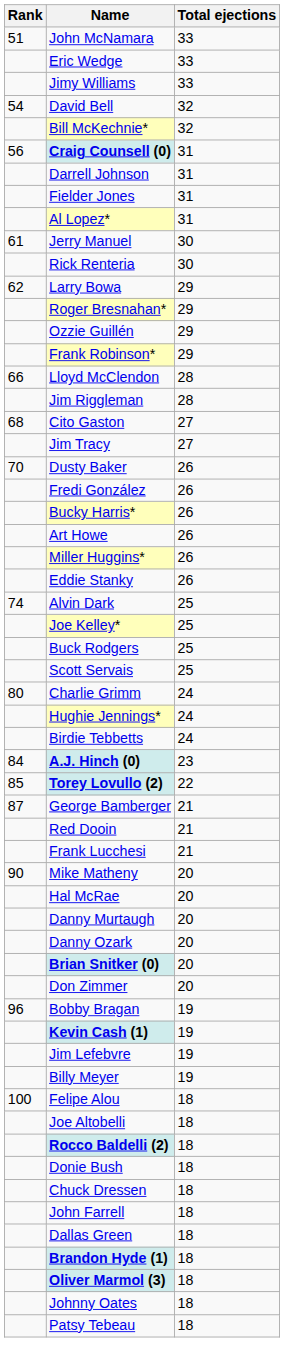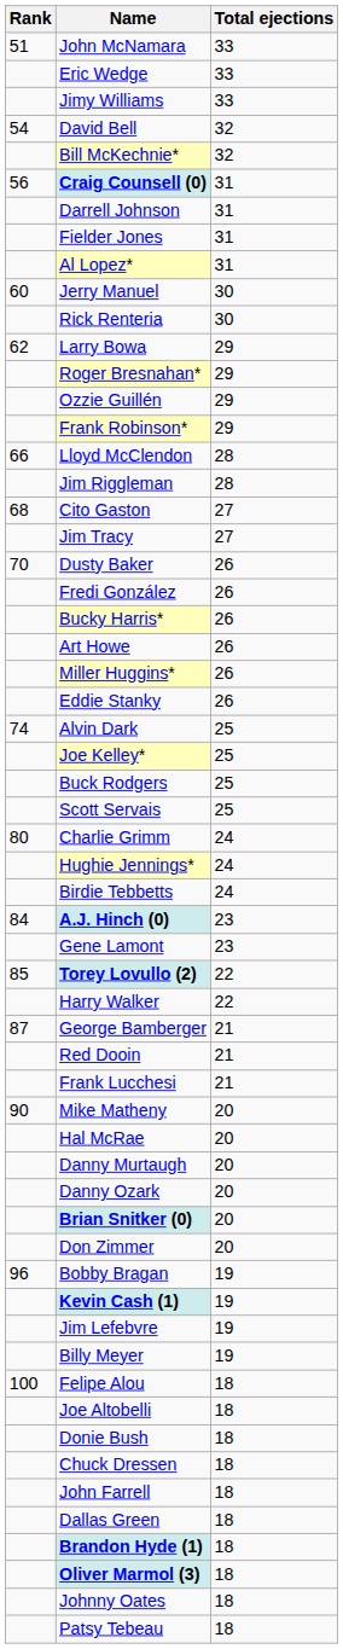 <table class="wikitable" style="float:left;">
 <tr style="white-space: nowrap;">
 <th>Rank</th>
 <th>Name</th>
 <th>Total ejections</th>
 </tr>
 <tr>
 <td>51</td>
 <td><a href='#'>John McNamara</a></td>
 <td>33</td>
 </tr>
 <tr>
 <td></td>
 <td><a href='#'>Eric Wedge</a></td>
 <td>33</td>
 </tr>
 <tr>
 <td></td>
 <td><a href='#'>Jimy Williams</a></td>
 <td>33</td>
 </tr>
 <tr>
 <td>54</td>
 <td><a href='#'>David Bell</a></td>
 <td>32</td>
 </tr>
 <tr>
 <td></td>
 <td style="background-color:#ffffbb"><a href='#'>Bill McKechnie</a>*</td>
 <td>32</td>
 </tr>
 <tr>
 <td>56</td>
 <td style="background:#cfecec;"><strong><a href='#'>Craig Counsell</a> (0)</strong></td>
 <td>31</td>
 </tr>
 <tr>
 <td></td>
 <td><a href='#'>Darrell Johnson</a></td>
 <td>31</td>
 </tr>
 <tr>
 <td></td>
 <td><a href='#'>Fielder Jones</a></td>
 <td>31</td>
 </tr>
 <tr>
 <td></td>
 <td style="background-color:#ffffbb"><a href='#'>Al Lopez</a>*</td>
 <td>31</td>
 </tr>
 <tr>
-<td>61</td>
+<td>60</td>
 <td><a href='#'>Jerry Manuel</a></td>
 <td>30</td>
 </tr>
 <tr>
 <td></td>
 <td><a href='#'>Rick Renteria</a></td>
 <td>30</td>
 </tr>
 <tr>
 <td>62</td>
 <td><a href='#'>Larry Bowa</a></td>
 <td>29</td>
 </tr>
 <tr>
 <td></td>
 <td style="background-color:#ffffbb"><a href='#'>Roger Bresnahan</a>*</td>
 <td>29</td>
 </tr>
 <tr>
 <td></td>
 <td><a href='#'>Ozzie Guillén</a></td>
 <td>29</td>
 </tr>
 <tr>
 <td></td>
 <td style="background-color:#ffffbb"><a href='#'>Frank Robinson</a>*</td>
 <td>29</td>
 </tr>
 <tr>
 <td>66</td>
 <td><a href='#'>Lloyd McClendon</a></td>
 <td>28</td>
 </tr>
 <tr>
 <td></td>
 <td><a href='#'>Jim Riggleman</a></td>
 <td>28</td>
 </tr>
 <tr>
 <td>68</td>
 <td><a href='#'>Cito Gaston</a></td>
 <td>27</td>
 </tr>
 <tr>
 <td></td>
 <td><a href='#'>Jim Tracy</a></td>
 <td>27</td>
 </tr>
 <tr>
 <td>70</td>
 <td><a href='#'>Dusty Baker</a></td>
 <td>26</td>
 </tr>
 <tr>
 <td></td>
 <td><a href='#'>Fredi González</a></td>
 <td>26</td>
 </tr>
 <tr>
 <td></td>
 <td style="background-color:#ffffbb"><a href='#'>Bucky Harris</a>*</td>
 <td>26</td>
 </tr>
 <tr>
 <td></td>
 <td><a href='#'>Art Howe</a></td>
 <td>26</td>
 </tr>
 <tr>
 <td></td>
 <td style="background-color:#ffffbb"><a href='#'>Miller Huggins</a>*</td>
 <td>26</td>
 </tr>
 <tr>
 <td></td>
 <td><a href='#'>Eddie Stanky</a></td>
 <td>26</td>
 </tr>
 <tr>
 <td>74</td>
 <td><a href='#'>Alvin Dark</a></td>
 <td>25</td>
 </tr>
 <tr>
 <td></td>
 <td style="background-color:#ffffbb"><a href='#'>Joe Kelley</a>*</td>
 <td>25</td>
 </tr>
 <tr>
 <td></td>
 <td><a href='#'>Buck Rodgers</a></td>
 <td>25</td>
 </tr>
 <tr>
 <td></td>
 <td><a href='#'>Scott Servais</a></td>
 <td>25</td>
 </tr>
 <tr>
 <td>80</td>
 <td><a href='#'>Charlie Grimm</a></td>
 <td>24</td>
 </tr>
 <tr>
 <td></td>
 <td style="background-color:#ffffbb"><a href='#'>Hughie Jennings</a>*</td>
 <td>24</td>
 </tr>
 <tr>
 <td></td>
 <td><a href='#'>Birdie Tebbetts</a></td>
 <td>24</td>
 </tr>
 <tr>
 <td>84</td>
 <td style="background:#cfecec;"><strong><a href='#'>A.J. Hinch</a> (0)</strong></td>
 <td>23</td>
 </tr>
 <tr>
+<td></td>
+<td><a href='#'>Gene Lamont</a></td>
+<td>23</td>
+</tr>
+<tr>
 <td>85</td>
 <td style="background:#cfecec;"><strong><a href='#'>Torey Lovullo</a> (2)</strong></td>
+<td>22</td>
+</tr>
+<tr>
+<td></td>
+<td><a href='#'>Harry Walker</a></td>
 <td>22</td>
 </tr>
 <tr>
 <td>87</td>
 <td><a href='#'>George Bamberger</a></td>
 <td>21</td>
 </tr>
 <tr>
 <td></td>
 <td><a href='#'>Red Dooin</a></td>
 <td>21</td>
 </tr>
 <tr>
 <td></td>
 <td><a href='#'>Frank Lucchesi</a></td>
 <td>21</td>
 </tr>
 <tr>
 <td>90</td>
 <td><a href='#'>Mike Matheny</a></td>
 <td>20</td>
 </tr>
 <tr>
 <td></td>
 <td><a href='#'>Hal McRae</a></td>
 <td>20</td>
 </tr>
 <tr>
 <td></td>
 <td><a href='#'>Danny Murtaugh</a></td>
 <td>20</td>
 </tr>
 <tr>
 <td></td>
 <td><a href='#'>Danny Ozark</a></td>
 <td>20</td>
 </tr>
 <tr>
 <td></td>
 <td style="background:#cfecec;"><strong><a href='#'>Brian Snitker</a> (0)</strong></td>
 <td>20</td>
 </tr>
 <tr>
 <td></td>
 <td><a href='#'>Don Zimmer</a></td>
 <td>20</td>
 </tr>
 <tr>
 <td>96</td>
 <td><a href='#'>Bobby Bragan</a></td>
 <td>19</td>
 </tr>
 <tr>
 <td></td>
 <td style="background:#cfecec;"><strong><a href='#'>Kevin Cash</a> (1)</strong></td>
 <td>19</td>
 </tr>
 <tr>
 <td></td>
 <td><a href='#'>Jim Lefebvre</a></td>
 <td>19</td>
 </tr>
 <tr>
 <td></td>
 <td><a href='#'>Billy Meyer</a></td>
 <td>19</td>
 </tr>
 <tr>
 <td>100</td>
 <td><a href='#'>Felipe Alou</a></td>
 <td>18</td>
 </tr>
 <tr>
 <td></td>
 <td><a href='#'>Joe Altobelli</a></td>
 <td>18</td>
 </tr>
 <tr>
 <td></td>
-<td style="background:#cfecec;"><strong><a href='#'>Rocco Baldelli</a> (2)</strong></td>
-<td>18</td>
-</tr>
-<tr>
-<td></td>
 <td><a href='#'>Donie Bush</a></td>
 <td>18</td>
 </tr>
 <tr>
 <td></td>
 <td><a href='#'>Chuck Dressen</a></td>
 <td>18</td>
 </tr>
 <tr>
 <td></td>
 <td><a href='#'>John Farrell</a></td>
 <td>18</td>
 </tr>
 <tr>
 <td></td>
 <td><a href='#'>Dallas Green</a></td>
 <td>18</td>
 </tr>
 <tr>
 <td></td>
 <td style="background:#cfecec;"><strong><a href='#'>Brandon Hyde</a> (1)</strong></td>
 <td>18</td>
 </tr>
 <tr>
 <td></td>
 <td style="background:#cfecec;"><strong><a href='#'>Oliver Marmol</a> (3)</strong></td>
 <td>18</td>
 </tr>
 <tr>
 <td></td>
 <td><a href='#'>Johnny Oates</a></td>
 <td>18</td>
 </tr>
 <tr>
 <td></td>
 <td><a href='#'>Patsy Tebeau</a></td>
 <td>18</td>
 </tr>
 </table>
